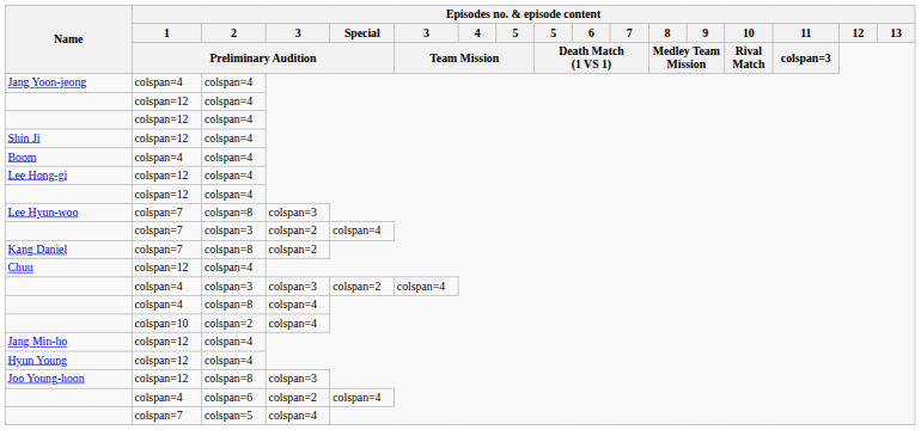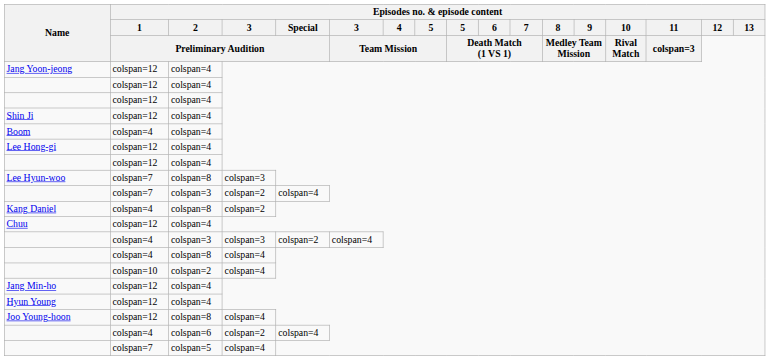 <table class="wikitable">
 <tr>
 <th rowspan=3 style="width:10%;">Name</th>
 <th colspan=16>Episodes no. & episode content</th>
 </tr>
 <tr>
 <th style="width:3%;">1</th>
 <th style="width:3%;">2</th>
 <th style="width:3%;">3</th>
 <th style="width:3%;">Special</th>
 <th style="width:3%;">3</th>
 <th style="width:3%;">4</th>
 <th style="width:3%;">5</th>
 <th style="width:3%;">5</th>
 <th style="width:3%;">6</th>
 <th style="width:3%;">7</th>
 <th style="width:3%;">8</th>
 <th style="width:3%;">9</th>
 <th style="width:3%;">10</th>
 <th style="width:3%;">11</th>
 <th style="width:3%;">12</th>
 <th style="width:3%;">13</th>
 </tr>
 <tr>
 <th colspan=4>Preliminary Audition</th>
 <th colspan=3>Team Mission</th>
 <th colspan=3>Death Match<br>(1 VS 1)</th>
 <th colspan=2>Medley Team Mission</th>
 <th>Rival Match</th>
 <th>colspan=3 </th>
 </tr>
 <tr>
 <td><a href='#'>Jang Yoon-jeong</a></td>
-<td>colspan=4 </td>
+<td>colspan=12 </td>
 <td>colspan=4 </td>
 </tr>
 <tr>
 <td></td>
 <td>colspan=12 </td>
 <td>colspan=4 </td>
 </tr>
 <tr>
 <td></td>
 <td>colspan=12 </td>
 <td>colspan=4 </td>
 </tr>
 <tr>
 <td><a href='#'>Shin Ji</a></td>
 <td>colspan=12 </td>
 <td>colspan=4 </td>
 </tr>
 <tr>
 <td><a href='#'>Boom</a></td>
 <td>colspan=4 </td>
 <td>colspan=4 </td>
 </tr>
 <tr>
 <td><a href='#'>Lee Hong-gi</a></td>
 <td>colspan=12 </td>
 <td>colspan=4 </td>
 </tr>
 <tr>
 <td></td>
 <td>colspan=12 </td>
 <td>colspan=4 </td>
 </tr>
 <tr>
 <td><a href='#'>Lee Hyun-woo</a></td>
 <td>colspan=7 </td>
 <td>colspan=8 </td>
 <td>colspan=3 </td>
 </tr>
 <tr>
 <td></td>
 <td>colspan=7 </td>
 <td>colspan=3 </td>
 <td>colspan=2 </td>
 <td>colspan=4 </td>
 </tr>
 <tr>
 <td><a href='#'>Kang Daniel</a></td>
-<td>colspan=7 </td>
+<td>colspan=4 </td>
 <td>colspan=8 </td>
 <td>colspan=2 </td>
 </tr>
 <tr>
 <td><a href='#'>Chuu</a></td>
 <td>colspan=12 </td>
 <td>colspan=4 </td>
 </tr>
 <tr>
 <td></td>
 <td>colspan=4 </td>
 <td>colspan=3 </td>
 <td>colspan=3 </td>
 <td>colspan=2 </td>
 <td>colspan=4 </td>
 </tr>
 <tr>
 <td></td>
 <td>colspan=4 </td>
 <td>colspan=8 </td>
 <td>colspan=4 </td>
 </tr>
 <tr>
 <td></td>
 <td>colspan=10 </td>
 <td>colspan=2 </td>
 <td>colspan=4 </td>
 </tr>
 <tr>
 <td><a href='#'>Jang Min-ho</a></td>
 <td>colspan=12 </td>
 <td>colspan=4 </td>
 </tr>
 <tr>
 <td><a href='#'>Hyun Young</a></td>
 <td>colspan=12 </td>
 <td>colspan=4 </td>
 </tr>
 <tr>
 <td><a href='#'>Joo Young-hoon</a></td>
 <td>colspan=12 </td>
 <td>colspan=8 </td>
-<td>colspan=3 </td>
+<td>colspan=4 </td>
 </tr>
 <tr>
 <td></td>
 <td>colspan=4 </td>
 <td>colspan=6 </td>
 <td>colspan=2 </td>
 <td>colspan=4 </td>
 </tr>
 <tr>
 <td></td>
 <td>colspan=7 </td>
 <td>colspan=5 </td>
 <td>colspan=4 </td>
 </tr>
 </table>
